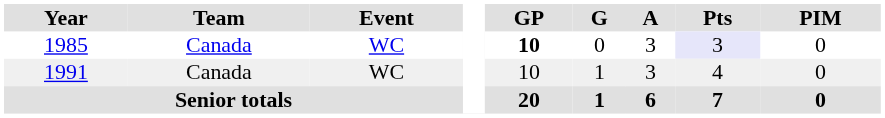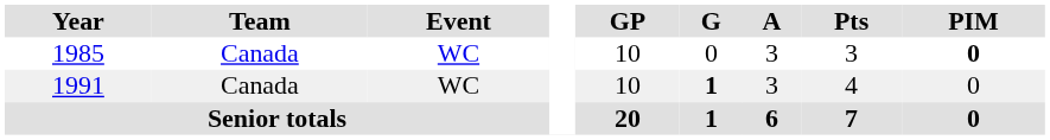 <table border="0" cellpadding="1" cellspacing="0" style="text-align:center; width:40em">
 <tr ALIGN="center" bgcolor="#e0e0e0">
 <th>Year</th>
 <th>Team</th>
 <th>Event</th>
 <th ALIGN="center" rowspan="99" bgcolor="#ffffff"> </th>
 <th>GP</th>
 <th>G</th>
 <th>A</th>
 <th>Pts</th>
 <th>PIM</th>
 </tr>
 <tr>
 <td><a href='#'>1985</a></td>
 <td><a href='#'>Canada</a></td>
 <td><a href='#'>WC</a></td>
-<td><strong>10</strong></td>
+<td>10</td>
 <td>0</td>
 <td>3</td>
-<td style="background: lavender;">3</td>
-<td>0</td>
+<td>3</td>
+<td><strong>0</strong></td>
 </tr>
 <tr bgcolor="#f0f0f0">
 <td><a href='#'>1991</a></td>
 <td>Canada</td>
 <td>WC</td>
 <td>10</td>
-<td>1</td>
+<td><strong>1</strong></td>
 <td>3</td>
 <td>4</td>
 <td>0</td>
 </tr>
 <tr bgcolor="#e0e0e0">
 <th colspan=3>Senior totals</th>
 <th>20</th>
 <th>1</th>
 <th>6</th>
 <th>7</th>
 <th>0</th>
 </tr>
 </table>
